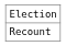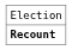 <table border="1" align=right valign=bottom cellpadding="4" cellspacing="0" style="border-collapse: collapse">
 <tr>
 <td>Election</td>
 </tr>
 <tr>
-<td>Recount</td>
+<td><strong>Recount</strong></td>
 </tr>
 </table>
